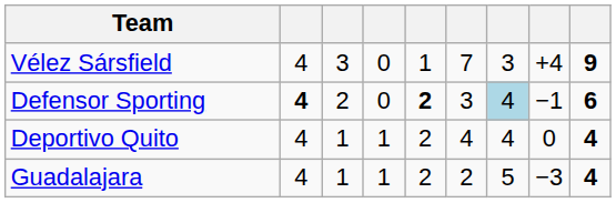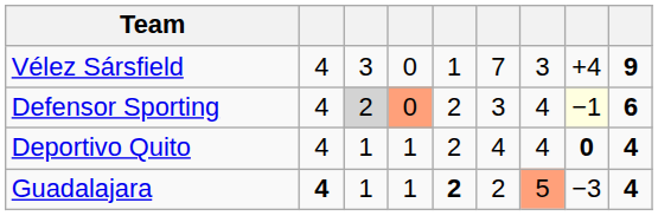 <table class="wikitable" style="text-align:center;">
 <tr>
 <th width="175">Team</th>
 <th width="20"></th>
 <th width="20"></th>
 <th width="20"></th>
 <th width="20"></th>
 <th width="20"></th>
 <th width="20"></th>
 <th width="20"></th>
 <th width="20"></th>
 </tr>
 <tr>
 <td align=left> <a href='#'>Vélez Sársfield</a></td>
 <td>4</td>
 <td>3</td>
 <td>0</td>
 <td>1</td>
 <td>7</td>
 <td>3</td>
 <td>+4</td>
 <td><strong>9</strong></td>
 </tr>
 <tr>
 <td align=left> <a href='#'>Defensor Sporting</a></td>
-<td><strong>4</strong></td>
+<td>4</td>
+<td style="background: lightgrey;">2</td>
+<td style="background: lightsalmon;">0</td>
 <td>2</td>
-<td>0</td>
-<td><strong>2</strong></td>
 <td>3</td>
-<td style="background: lightblue;">4</td>
-<td>−1</td>
+<td>4</td>
+<td style="background: lightyellow;">−1</td>
 <td><strong>6</strong></td>
 </tr>
 <tr>
 <td align=left> <a href='#'>Deportivo Quito</a></td>
 <td>4</td>
 <td>1</td>
 <td>1</td>
 <td>2</td>
 <td>4</td>
 <td>4</td>
-<td>0</td>
+<td><strong>0</strong></td>
 <td><strong>4</strong></td>
 </tr>
 <tr>
 <td align=left> <a href='#'>Guadalajara</a></td>
-<td>4</td>
+<td><strong>4</strong></td>
 <td>1</td>
 <td>1</td>
+<td><strong>2</strong></td>
 <td>2</td>
-<td>2</td>
-<td>5</td>
+<td style="background: lightsalmon;">5</td>
 <td>−3</td>
 <td><strong>4</strong></td>
 </tr>
 </table>
